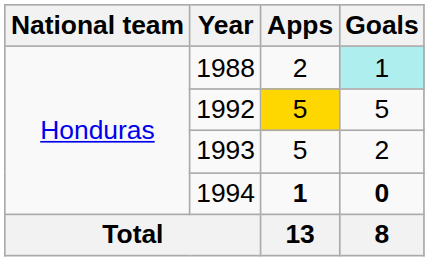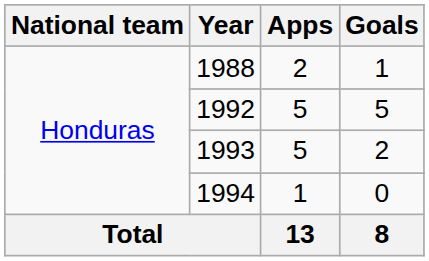 <table class="wikitable" style="text-align:center">
 <tr>
 <th>National team</th>
 <th>Year</th>
 <th>Apps</th>
 <th>Goals</th>
 </tr>
 <tr>
 <td rowspan="4"><a href='#'>Honduras</a></td>
 <td>1988</td>
 <td>2</td>
-<td style="background: paleturquoise;">1</td>
+<td>1</td>
 </tr>
 <tr>
 <td>1992</td>
-<td style="background: gold;">5</td>
+<td>5</td>
 <td>5</td>
 </tr>
 <tr>
 <td>1993</td>
 <td>5</td>
 <td>2</td>
 </tr>
 <tr>
 <td>1994</td>
-<td><strong>1</strong></td>
-<td><strong>0</strong></td>
+<td>1</td>
+<td>0</td>
 </tr>
 <tr>
 <th colspan=2>Total</th>
 <th>13</th>
 <th>8</th>
 </tr>
 </table>
